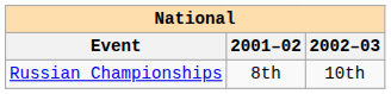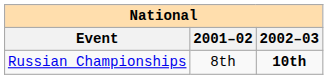 <table class="wikitable" style="text-align:center">
 <tr>
 <th style="background-color: #ffdead; " colspan=3 align=center>National</th>
 </tr>
 <tr>
 <th>Event</th>
 <th>2001–02</th>
 <th>2002–03</th>
 </tr>
 <tr>
 <td align=left><a href='#'>Russian Championships</a></td>
 <td>8th</td>
-<td>10th</td>
+<td><strong>10th</strong></td>
 </tr>
 </table>
